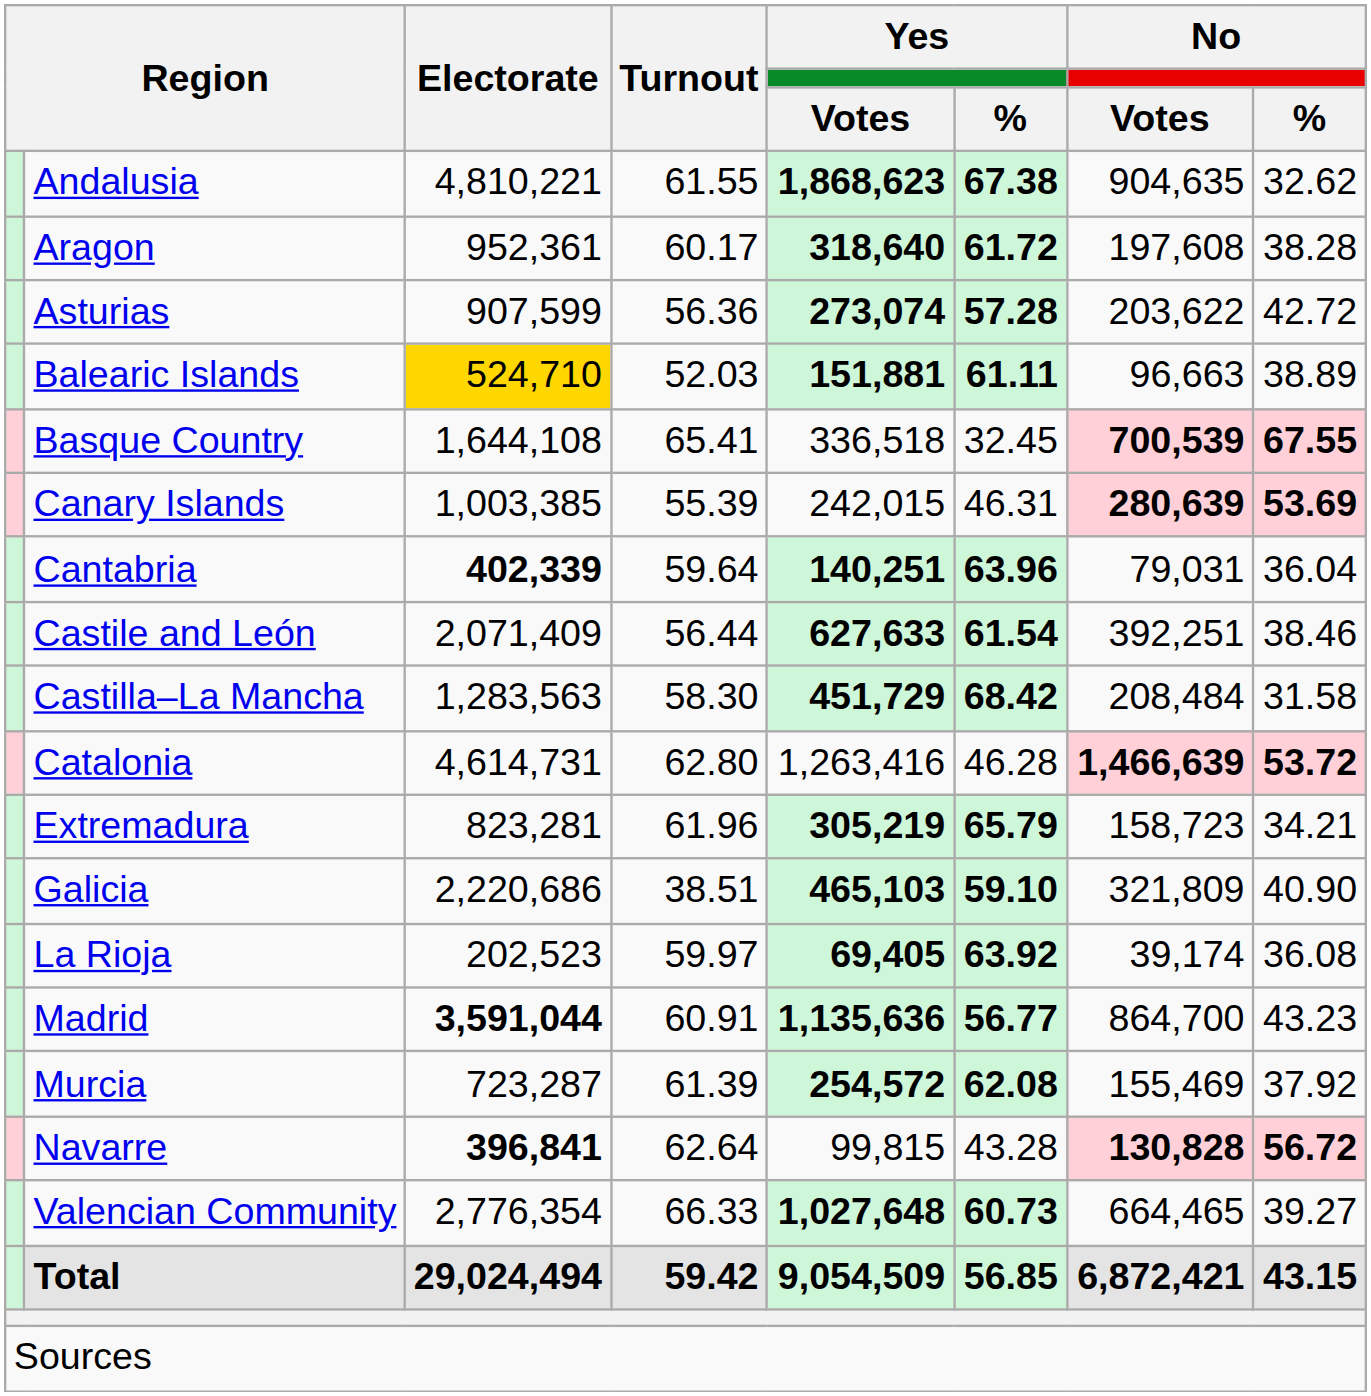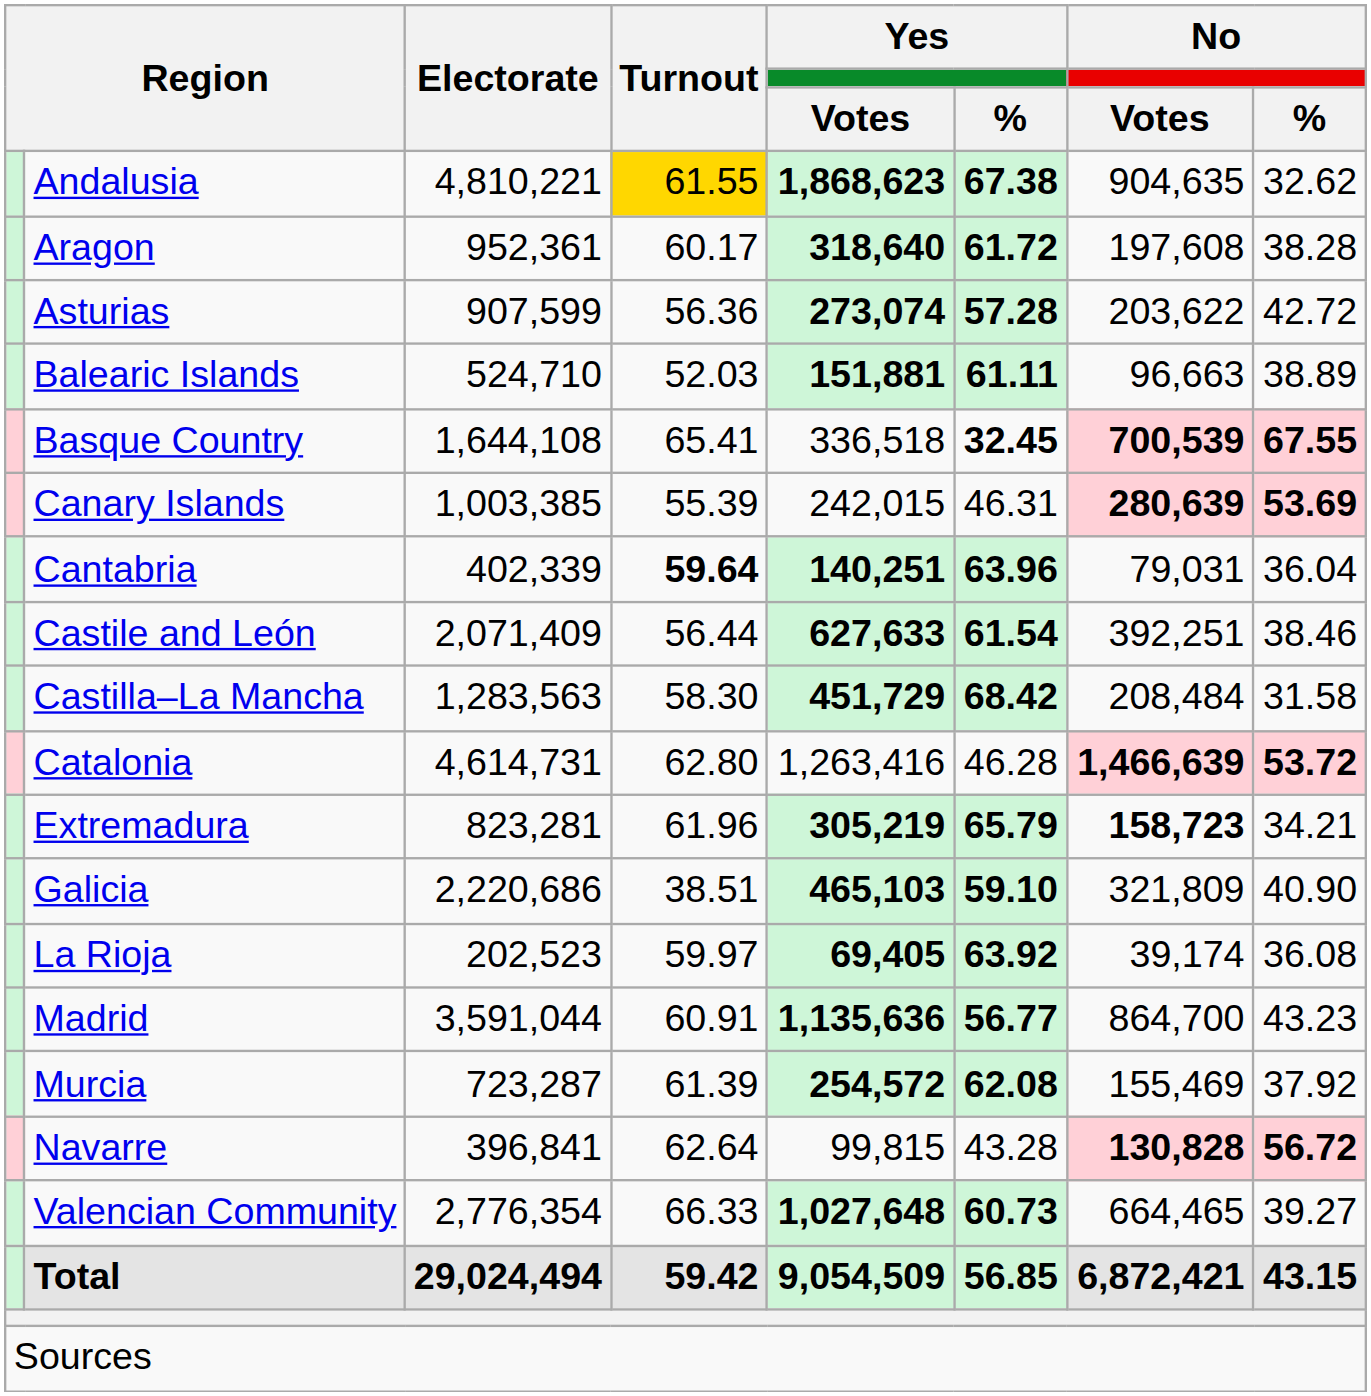 <table class="wikitable sortable" style="text-align:right; line-height:20px;">
 <tr>
 <th width="150" colspan="2" rowspan="3">Region</th>
 <th rowspan="3">Electorate</th>
 <th rowspan="3">Turnout</th>
 <th width="120" colspan="2">Yes</th>
 <th width="120" colspan="2">No</th>
 </tr>
 <tr>
 <th colspan="2" style="background:#088A29;"></th>
 <th colspan="2" style="background:#E90000;"></th>
 </tr>
 <tr>
 <th>Votes</th>
 <th>%</th>
 <th>Votes</th>
 <th>%</th>
 </tr>
 <tr>
 <td width="1" style="color:inherit;background:#CEF6D8;"></td>
 <td align="left"><a href='#'>Andalusia</a></td>
 <td>4,810,221</td>
-<td>61.55</td>
+<td style="background: gold;">61.55</td>
 <td style="background:#CEF6D8;"><strong>1,868,623</strong></td>
 <td style="background:#CEF6D8;"><strong>67.38</strong></td>
 <td>904,635</td>
 <td>32.62</td>
 </tr>
 <tr>
 <td style="color:inherit;background:#CEF6D8;"></td>
 <td align="left"><a href='#'>Aragon</a></td>
 <td>952,361</td>
 <td>60.17</td>
 <td style="background:#CEF6D8;"><strong>318,640</strong></td>
 <td style="background:#CEF6D8;"><strong>61.72</strong></td>
 <td>197,608</td>
 <td>38.28</td>
 </tr>
 <tr>
 <td style="color:inherit;background:#CEF6D8;"></td>
 <td align="left"><a href='#'>Asturias</a></td>
 <td>907,599</td>
 <td>56.36</td>
 <td style="background:#CEF6D8;"><strong>273,074</strong></td>
 <td style="background:#CEF6D8;"><strong>57.28</strong></td>
 <td>203,622</td>
 <td>42.72</td>
 </tr>
 <tr>
 <td style="color:inherit;background:#CEF6D8;"></td>
 <td align="left"><a href='#'>Balearic Islands</a></td>
-<td style="background: gold;">524,710</td>
+<td>524,710</td>
 <td>52.03</td>
 <td style="background:#CEF6D8;"><strong>151,881</strong></td>
 <td style="background:#CEF6D8;"><strong>61.11</strong></td>
 <td>96,663</td>
 <td>38.89</td>
 </tr>
 <tr>
 <td style="color:inherit;background:#FFD0D7;"></td>
 <td align="left"><a href='#'>Basque Country</a></td>
 <td>1,644,108</td>
 <td>65.41</td>
 <td>336,518</td>
-<td>32.45</td>
+<td><strong>32.45</strong></td>
 <td style="background:#FFD0D7;"><strong>700,539</strong></td>
 <td style="background:#FFD0D7;"><strong>67.55</strong></td>
 </tr>
 <tr>
 <td style="color:inherit;background:#FFD0D7;"></td>
 <td align="left"><a href='#'>Canary Islands</a></td>
 <td>1,003,385</td>
 <td>55.39</td>
 <td>242,015</td>
 <td>46.31</td>
 <td style="background:#FFD0D7;"><strong>280,639</strong></td>
 <td style="background:#FFD0D7;"><strong>53.69</strong></td>
 </tr>
 <tr>
 <td style="color:inherit;background:#CEF6D8;"></td>
 <td align="left"><a href='#'>Cantabria</a></td>
-<td><strong>402,339</strong></td>
-<td>59.64</td>
+<td>402,339</td>
+<td><strong>59.64</strong></td>
 <td style="background:#CEF6D8;"><strong>140,251</strong></td>
 <td style="background:#CEF6D8;"><strong>63.96</strong></td>
 <td>79,031</td>
 <td>36.04</td>
 </tr>
 <tr>
 <td style="color:inherit;background:#CEF6D8;"></td>
 <td align="left"><a href='#'>Castile and León</a></td>
 <td>2,071,409</td>
 <td>56.44</td>
 <td style="background:#CEF6D8;"><strong>627,633</strong></td>
 <td style="background:#CEF6D8;"><strong>61.54</strong></td>
 <td>392,251</td>
 <td>38.46</td>
 </tr>
 <tr>
 <td style="color:inherit;background:#CEF6D8;"></td>
 <td align="left"><a href='#'>Castilla–La Mancha</a></td>
 <td>1,283,563</td>
 <td>58.30</td>
 <td style="background:#CEF6D8;"><strong>451,729</strong></td>
 <td style="background:#CEF6D8;"><strong>68.42</strong></td>
 <td>208,484</td>
 <td>31.58</td>
 </tr>
 <tr>
 <td style="color:inherit;background:#FFD0D7;"></td>
 <td align="left"><a href='#'>Catalonia</a></td>
 <td>4,614,731</td>
 <td>62.80</td>
 <td>1,263,416</td>
 <td>46.28</td>
 <td style="background:#FFD0D7;"><strong>1,466,639</strong></td>
 <td style="background:#FFD0D7;"><strong>53.72</strong></td>
 </tr>
 <tr>
 <td style="color:inherit;background:#CEF6D8;"></td>
 <td align="left"><a href='#'>Extremadura</a></td>
 <td>823,281</td>
 <td>61.96</td>
 <td style="background:#CEF6D8;"><strong>305,219</strong></td>
 <td style="background:#CEF6D8;"><strong>65.79</strong></td>
-<td>158,723</td>
+<td><strong>158,723</strong></td>
 <td>34.21</td>
 </tr>
 <tr>
 <td style="color:inherit;background:#CEF6D8;"></td>
 <td align="left"><a href='#'>Galicia</a></td>
 <td>2,220,686</td>
 <td>38.51</td>
 <td style="background:#CEF6D8;"><strong>465,103</strong></td>
 <td style="background:#CEF6D8;"><strong>59.10</strong></td>
 <td>321,809</td>
 <td>40.90</td>
 </tr>
 <tr>
 <td style="color:inherit;background:#CEF6D8;"></td>
 <td align="left"><a href='#'>La Rioja</a></td>
 <td>202,523</td>
 <td>59.97</td>
 <td style="background:#CEF6D8;"><strong>69,405</strong></td>
 <td style="background:#CEF6D8;"><strong>63.92</strong></td>
 <td>39,174</td>
 <td>36.08</td>
 </tr>
 <tr>
 <td style="color:inherit;background:#CEF6D8;"></td>
 <td align="left"><a href='#'>Madrid</a></td>
-<td><strong>3,591,044</strong></td>
+<td>3,591,044</td>
 <td>60.91</td>
 <td style="background:#CEF6D8;"><strong>1,135,636</strong></td>
 <td style="background:#CEF6D8;"><strong>56.77</strong></td>
 <td>864,700</td>
 <td>43.23</td>
 </tr>
 <tr>
 <td style="color:inherit;background:#CEF6D8;"></td>
 <td align="left"><a href='#'>Murcia</a></td>
 <td>723,287</td>
 <td>61.39</td>
 <td style="background:#CEF6D8;"><strong>254,572</strong></td>
 <td style="background:#CEF6D8;"><strong>62.08</strong></td>
 <td>155,469</td>
 <td>37.92</td>
 </tr>
 <tr>
 <td style="color:inherit;background:#FFD0D7;"></td>
 <td align="left"><a href='#'>Navarre</a></td>
-<td><strong>396,841</strong></td>
+<td>396,841</td>
 <td>62.64</td>
 <td>99,815</td>
 <td>43.28</td>
 <td style="background:#FFD0D7;"><strong>130,828</strong></td>
 <td style="background:#FFD0D7;"><strong>56.72</strong></td>
 </tr>
 <tr>
 <td style="color:inherit;background:#CEF6D8;"></td>
 <td align="left"><a href='#'>Valencian Community</a></td>
 <td>2,776,354</td>
 <td>66.33</td>
 <td style="background:#CEF6D8;"><strong>1,027,648</strong></td>
 <td style="background:#CEF6D8;"><strong>60.73</strong></td>
 <td>664,465</td>
 <td>39.27</td>
 </tr>
 <tr style="font-weight:bold;background:#E4E4E4;">
 <td style="color:inherit;background:#CEF6D8;"></td>
 <td align="left">Total</td>
 <td>29,024,494</td>
 <td>59.42</td>
 <td style="background:#CEF6D8;">9,054,509</td>
 <td style="background:#CEF6D8;">56.85</td>
 <td>6,872,421</td>
 <td>43.15</td>
 </tr>
 <tr>
 <th colspan="8"></th>
 </tr>
 <tr>
 <th style="text-align:left; font-weight:normal; background:#F9F9F9" colspan="8">Sources</th>
 </tr>
 </table>
